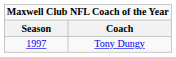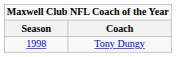 <table class="wikitable" style="text-align:center">
 <tr>
 <td colspan="2"><strong>Maxwell Club NFL Coach of the Year</strong></td>
 </tr>
 <tr>
 <th>Season</th>
 <th>Coach</th>
 </tr>
 <tr>
-<td><a href='#'>1997</a></td>
+<td><a href='#'>1998</a></td>
 <td><a href='#'>Tony Dungy</a></td>
 </tr>
 </table>
